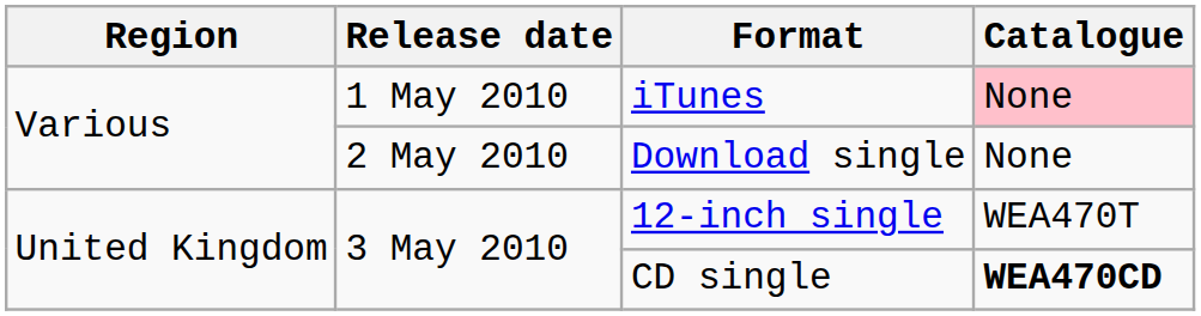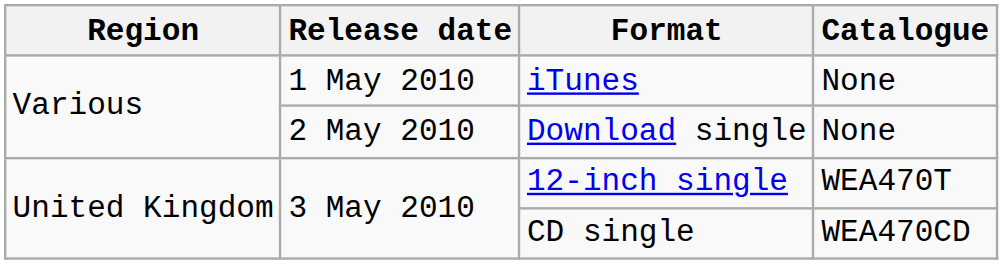 <table class="wikitable">
 <tr>
 <th>Region</th>
 <th>Release date</th>
 <th>Format</th>
 <th>Catalogue</th>
 </tr>
 <tr>
 <td rowspan=2>Various</td>
 <td>1 May 2010</td>
 <td><a href='#'>iTunes</a></td>
-<td style="background: pink;">None</td>
+<td>None</td>
 </tr>
 <tr>
 <td>2 May 2010</td>
 <td><a href='#'>Download</a> single</td>
 <td>None</td>
 </tr>
 <tr>
 <td rowspan=2>United Kingdom</td>
 <td rowspan=2>3 May 2010</td>
 <td><a href='#'>12-inch single</a></td>
 <td>WEA470T</td>
 </tr>
 <tr>
 <td>CD single</td>
-<td><strong>WEA470CD</strong></td>
+<td>WEA470CD</td>
 </tr>
 </table>
